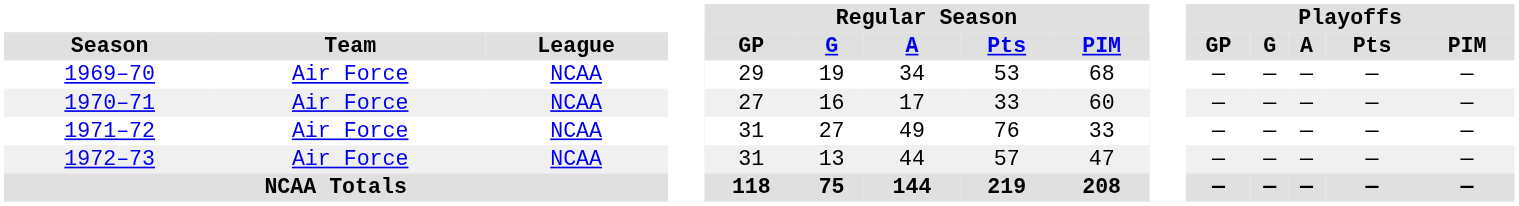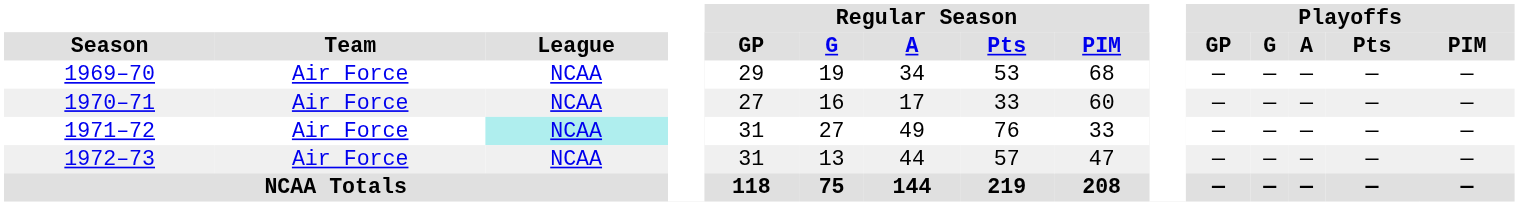 <table border="0" cellpadding="1" cellspacing="0" style="text-align:center; width:70em">
 <tr bgcolor="#e0e0e0">
 <th colspan="3"  bgcolor="#ffffff"> </th>
 <th rowspan="99" bgcolor="#ffffff"> </th>
 <th colspan="5">Regular Season</th>
 <th rowspan="99" bgcolor="#ffffff"> </th>
 <th colspan="5">Playoffs</th>
 </tr>
 <tr bgcolor="#e0e0e0">
 <th>Season</th>
 <th>Team</th>
 <th>League</th>
 <th>GP</th>
 <th><a href='#'>G</a></th>
 <th><a href='#'>A</a></th>
 <th><a href='#'>Pts</a></th>
 <th><a href='#'>PIM</a></th>
 <th>GP</th>
 <th>G</th>
 <th>A</th>
 <th>Pts</th>
 <th>PIM</th>
 </tr>
 <tr>
 <td><a href='#'>1969–70</a></td>
 <td><a href='#'>Air Force</a></td>
 <td><a href='#'>NCAA</a></td>
 <td>29</td>
 <td>19</td>
 <td>34</td>
 <td>53</td>
 <td>68</td>
 <td>—</td>
 <td>—</td>
 <td>—</td>
 <td>—</td>
 <td>—</td>
 </tr>
 <tr bgcolor=f0f0f0>
 <td><a href='#'>1970–71</a></td>
 <td><a href='#'>Air Force</a></td>
 <td><a href='#'>NCAA</a></td>
 <td>27</td>
 <td>16</td>
 <td>17</td>
 <td>33</td>
 <td>60</td>
 <td>—</td>
 <td>—</td>
 <td>—</td>
 <td>—</td>
 <td>—</td>
 </tr>
 <tr>
 <td><a href='#'>1971–72</a></td>
 <td><a href='#'>Air Force</a></td>
-<td><a href='#'>NCAA</a></td>
+<td style="background: paleturquoise;"><a href='#'>NCAA</a></td>
 <td>31</td>
 <td>27</td>
 <td>49</td>
 <td>76</td>
 <td>33</td>
 <td>—</td>
 <td>—</td>
 <td>—</td>
 <td>—</td>
 <td>—</td>
 </tr>
 <tr bgcolor=f0f0f0>
 <td><a href='#'>1972–73</a></td>
 <td><a href='#'>Air Force</a></td>
 <td><a href='#'>NCAA</a></td>
 <td>31</td>
 <td>13</td>
 <td>44</td>
 <td>57</td>
 <td>47</td>
 <td>—</td>
 <td>—</td>
 <td>—</td>
 <td>—</td>
 <td>—</td>
 </tr>
 <tr bgcolor="#e0e0e0">
 <th colspan="3">NCAA Totals</th>
 <th>118</th>
 <th>75</th>
 <th>144</th>
 <th>219</th>
 <th>208</th>
 <th>—</th>
 <th>—</th>
 <th>—</th>
 <th>—</th>
 <th>—</th>
 </tr>
 </table>
